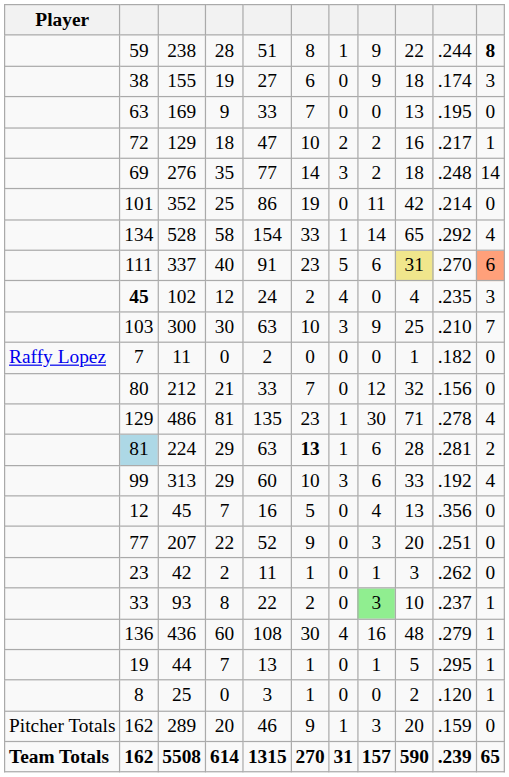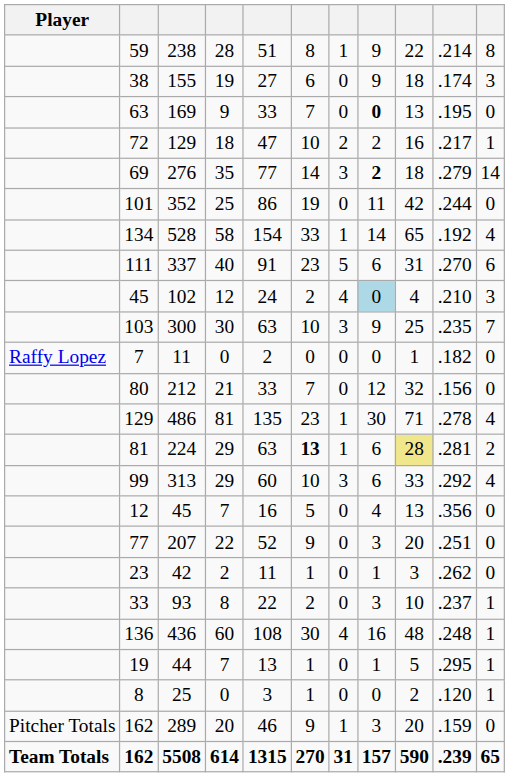 <table class="wikitable sortable" style="text-align:center;">
 <tr>
 <th>Player</th>
 <th></th>
 <th></th>
 <th></th>
 <th></th>
 <th></th>
 <th></th>
 <th></th>
 <th></th>
 <th></th>
 <th></th>
 </tr>
 <tr>
 <td align=left></td>
 <td>59</td>
 <td>238</td>
 <td>28</td>
 <td>51</td>
 <td>8</td>
 <td>1</td>
 <td>9</td>
 <td>22</td>
-<td>.244</td>
-<td><strong>8</strong></td>
+<td>.214</td>
+<td>8</td>
 </tr>
 <tr>
 <td align=left></td>
 <td>38</td>
 <td>155</td>
 <td>19</td>
 <td>27</td>
 <td>6</td>
 <td>0</td>
 <td>9</td>
 <td>18</td>
 <td>.174</td>
 <td>3</td>
 </tr>
 <tr>
 <td align=left></td>
 <td>63</td>
 <td>169</td>
 <td>9</td>
 <td>33</td>
 <td>7</td>
 <td>0</td>
-<td>0</td>
+<td><strong>0</strong></td>
 <td>13</td>
 <td>.195</td>
 <td>0</td>
 </tr>
 <tr>
 <td align=left></td>
 <td>72</td>
 <td>129</td>
 <td>18</td>
 <td>47</td>
 <td>10</td>
 <td>2</td>
 <td>2</td>
 <td>16</td>
 <td>.217</td>
 <td>1</td>
 </tr>
 <tr>
 <td align=left></td>
 <td>69</td>
 <td>276</td>
 <td>35</td>
 <td>77</td>
 <td>14</td>
 <td>3</td>
-<td>2</td>
+<td><strong>2</strong></td>
 <td>18</td>
-<td>.248</td>
+<td>.279</td>
 <td>14</td>
 </tr>
 <tr>
 <td align=left></td>
 <td>101</td>
 <td>352</td>
 <td>25</td>
 <td>86</td>
 <td>19</td>
 <td>0</td>
 <td>11</td>
 <td>42</td>
-<td>.214</td>
+<td>.244</td>
 <td>0</td>
 </tr>
 <tr>
 <td align=left></td>
 <td>134</td>
 <td>528</td>
 <td>58</td>
 <td>154</td>
 <td>33</td>
 <td>1</td>
 <td>14</td>
 <td>65</td>
-<td>.292</td>
+<td>.192</td>
 <td>4</td>
 </tr>
 <tr>
 <td align=left></td>
 <td>111</td>
 <td>337</td>
 <td>40</td>
 <td>91</td>
 <td>23</td>
 <td>5</td>
 <td>6</td>
-<td style="background: khaki;">31</td>
+<td>31</td>
 <td>.270</td>
-<td style="background: lightsalmon;">6</td>
+<td>6</td>
 </tr>
 <tr>
 <td align=left></td>
-<td><strong>45</strong></td>
+<td>45</td>
 <td>102</td>
 <td>12</td>
 <td>24</td>
 <td>2</td>
 <td>4</td>
-<td>0</td>
+<td style="background: lightblue;">0</td>
 <td>4</td>
-<td>.235</td>
+<td>.210</td>
 <td>3</td>
 </tr>
 <tr>
 <td align=left></td>
 <td>103</td>
 <td>300</td>
 <td>30</td>
 <td>63</td>
 <td>10</td>
 <td>3</td>
 <td>9</td>
 <td>25</td>
-<td>.210</td>
+<td>.235</td>
 <td>7</td>
 </tr>
 <tr>
 <td align=left><a href='#'>Raffy Lopez</a></td>
 <td>7</td>
 <td>11</td>
 <td>0</td>
 <td>2</td>
 <td>0</td>
 <td>0</td>
 <td>0</td>
 <td>1</td>
 <td>.182</td>
 <td>0</td>
 </tr>
 <tr>
 <td align=left></td>
 <td>80</td>
 <td>212</td>
 <td>21</td>
 <td>33</td>
 <td>7</td>
 <td>0</td>
 <td>12</td>
 <td>32</td>
 <td>.156</td>
 <td>0</td>
 </tr>
 <tr>
 <td align=left></td>
 <td>129</td>
 <td>486</td>
 <td>81</td>
 <td>135</td>
 <td>23</td>
 <td>1</td>
 <td>30</td>
 <td>71</td>
 <td>.278</td>
 <td>4</td>
 </tr>
 <tr>
 <td align=left></td>
-<td style="background: lightblue;">81</td>
+<td>81</td>
 <td>224</td>
 <td>29</td>
 <td>63</td>
 <td><strong>13</strong></td>
 <td>1</td>
 <td>6</td>
-<td>28</td>
+<td style="background: khaki;">28</td>
 <td>.281</td>
 <td>2</td>
 </tr>
 <tr>
 <td align=left></td>
 <td>99</td>
 <td>313</td>
 <td>29</td>
 <td>60</td>
 <td>10</td>
 <td>3</td>
 <td>6</td>
 <td>33</td>
-<td>.192</td>
+<td>.292</td>
 <td>4</td>
 </tr>
 <tr>
 <td align=left></td>
 <td>12</td>
 <td>45</td>
 <td>7</td>
 <td>16</td>
 <td>5</td>
 <td>0</td>
 <td>4</td>
 <td>13</td>
 <td>.356</td>
 <td>0</td>
 </tr>
 <tr>
 <td align=left></td>
 <td>77</td>
 <td>207</td>
 <td>22</td>
 <td>52</td>
 <td>9</td>
 <td>0</td>
 <td>3</td>
 <td>20</td>
 <td>.251</td>
 <td>0</td>
 </tr>
 <tr>
 <td align=left></td>
 <td>23</td>
 <td>42</td>
 <td>2</td>
 <td>11</td>
 <td>1</td>
 <td>0</td>
 <td>1</td>
 <td>3</td>
 <td>.262</td>
 <td>0</td>
 </tr>
 <tr>
 <td align=left></td>
 <td>33</td>
 <td>93</td>
 <td>8</td>
 <td>22</td>
 <td>2</td>
 <td>0</td>
-<td style="background: lightgreen;">3</td>
+<td>3</td>
 <td>10</td>
 <td>.237</td>
 <td>1</td>
 </tr>
 <tr>
 <td align=left></td>
 <td>136</td>
 <td>436</td>
 <td>60</td>
 <td>108</td>
 <td>30</td>
 <td>4</td>
 <td>16</td>
 <td>48</td>
-<td>.279</td>
+<td>.248</td>
 <td>1</td>
 </tr>
 <tr>
 <td align=left></td>
 <td>19</td>
 <td>44</td>
 <td>7</td>
 <td>13</td>
 <td>1</td>
 <td>0</td>
 <td>1</td>
 <td>5</td>
 <td>.295</td>
 <td>1</td>
 </tr>
 <tr>
 <td align=left></td>
 <td>8</td>
 <td>25</td>
 <td>0</td>
 <td>3</td>
 <td>1</td>
 <td>0</td>
 <td>0</td>
 <td>2</td>
 <td>.120</td>
 <td>1</td>
 </tr>
 <tr>
 <td align=left>Pitcher Totals</td>
 <td>162</td>
 <td>289</td>
 <td>20</td>
 <td>46</td>
 <td>9</td>
 <td>1</td>
 <td>3</td>
 <td>20</td>
 <td>.159</td>
 <td>0</td>
 </tr>
 <tr>
 <td align=left><strong>Team Totals</strong></td>
 <td><strong>162</strong></td>
 <td><strong>5508</strong></td>
 <td><strong>614</strong></td>
 <td><strong>1315</strong></td>
 <td><strong>270</strong></td>
 <td><strong>31</strong></td>
 <td><strong>157</strong></td>
 <td><strong>590</strong></td>
 <td><strong>.239</strong></td>
 <td><strong>65</strong></td>
 </tr>
 </table>
